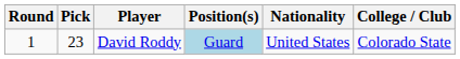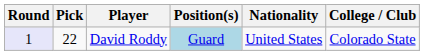 <table class="wikitable sortable sortable">
 <tr>
 <th>Round</th>
 <th>Pick</th>
 <th>Player</th>
 <th>Position(s)</th>
 <th>Nationality</th>
 <th>College / Club</th>
 </tr>
 <tr style="text-align: center">
-<td>1</td>
-<td>23</td>
+<td style="background: lavender;">1</td>
+<td>22</td>
 <td><a href='#'>David Roddy</a></td>
 <td style="background: lightblue;"><a href='#'>Guard</a></td>
 <td><a href='#'>United States</a></td>
 <td><a href='#'>Colorado State</a></td>
 </tr>
 </table>
